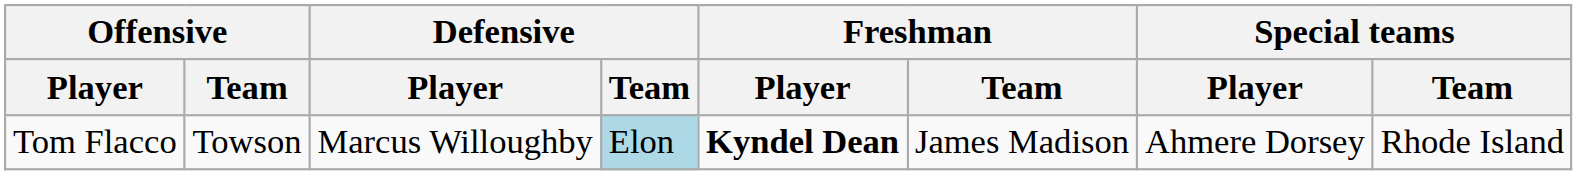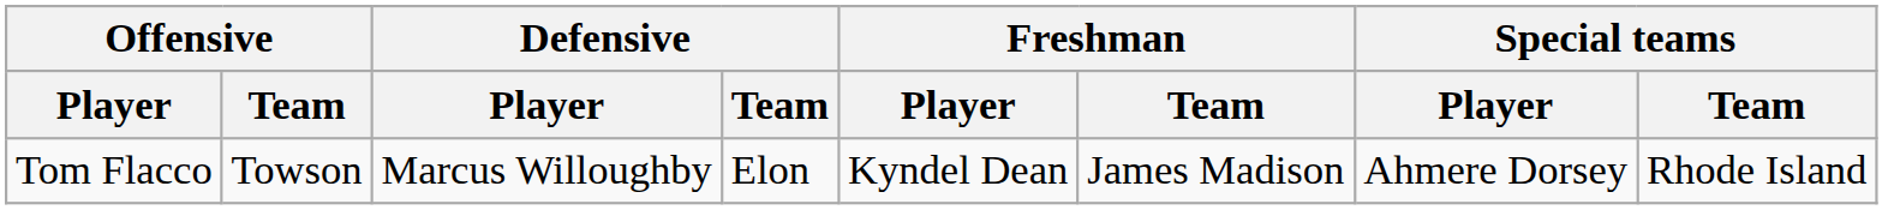 <table class="wikitable" border="1">
 <tr>
 <th colspan="2">Offensive</th>
 <th colspan="2">Defensive</th>
 <th colspan="2">Freshman</th>
 <th colspan="2">Special teams</th>
 </tr>
 <tr>
 <th>Player</th>
 <th>Team</th>
 <th>Player</th>
 <th>Team</th>
 <th>Player</th>
 <th>Team</th>
 <th>Player</th>
 <th>Team</th>
 </tr>
 <tr>
 <td>Tom Flacco</td>
 <td>Towson</td>
 <td>Marcus Willoughby</td>
-<td style="background: lightblue;">Elon</td>
-<td><strong>Kyndel Dean</strong></td>
+<td>Elon</td>
+<td>Kyndel Dean</td>
 <td>James Madison</td>
 <td>Ahmere Dorsey</td>
 <td>Rhode Island</td>
 </tr>
 </table>
